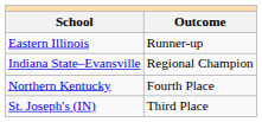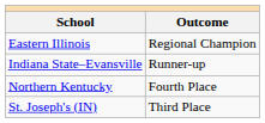 <table class="wikitable" style="float:left; margin-right:1em;">
 <tr>
 <th colspan="3" style="background:#ffdead;"></th>
 </tr>
 <tr>
 <th>School</th>
 <th>Outcome</th>
 </tr>
 <tr>
 <td><a href='#'>Eastern Illinois</a></td>
-<td>Runner-up</td>
+<td>Regional Champion</td>
 </tr>
 <tr>
 <td><a href='#'>Indiana State–Evansville</a></td>
-<td>Regional Champion</td>
+<td>Runner-up</td>
 </tr>
 <tr>
 <td><a href='#'>Northern Kentucky</a></td>
 <td>Fourth Place</td>
 </tr>
 <tr>
 <td><a href='#'>St. Joseph's (IN)</a></td>
 <td>Third Place</td>
 </tr>
 </table>
